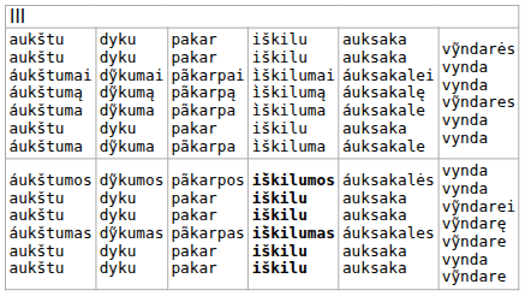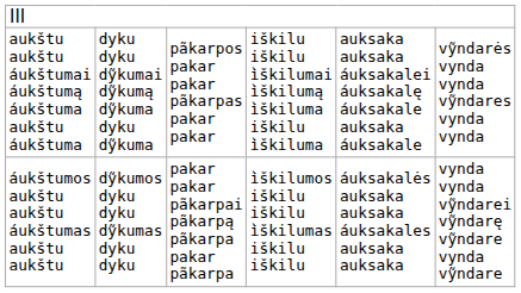 <table class=wikitable style="font-family: monospace; background:#FFFFFF">
 <tr style="font-family: sans-serif; line-height: 0.7em">
 <td colspan=6>III</td>
 </tr>
 <tr>
 <td>aukštu<br>aukštu<br>áukštumai<br>áukštumą<br>áukštuma<br>aukštu<br>áukštuma</td>
 <td>dyku<br>dyku<br>dỹkumai<br>dỹkumą<br>dỹkuma<br>dyku<br>dỹkuma</td>
-<td>pakar<br>pakar<br>pãkarpai<br>pãkarpą<br>pãkarpa<br>pakar<br>pãkarpa</td>
+<td>pãkarpos<br>pakar<br>pakar<br>pãkarpas<br>pakar<br>pakar</td>
 <td>iškilu<br>iškilu<br>i̇̀škilumai<br>i̇̀škilumą<br>i̇̀škiluma<br>iškilu<br>i̇̀škiluma</td>
 <td>auksaka<br>auksaka<br>áuksakalei<br>áuksakalę<br>áuksakale<br>auksaka<br>áuksakale</td>
 <td>vỹndarės<br>vynda<br>vynda<br>vỹndares<br>vynda<br>vynda</td>
 </tr>
 <tr>
 <td>áukštumos<br>aukštu<br>aukštu<br>áukštumas<br>aukštu<br>aukštu</td>
 <td>dỹkumos<br>dyku<br>dyku<br>dỹkumas<br>dyku<br>dyku</td>
-<td>pãkarpos<br>pakar<br>pakar<br>pãkarpas<br>pakar<br>pakar</td>
-<td><strong>i̇̀škilumos<br>iškilu<br>iškilu<br>i̇̀škilumas<br>iškilu<br>iškilu</strong></td>
+<td>pakar<br>pakar<br>pãkarpai<br>pãkarpą<br>pãkarpa<br>pakar<br>pãkarpa</td>
+<td>i̇̀škilumos<br>iškilu<br>iškilu<br>i̇̀škilumas<br>iškilu<br>iškilu</td>
 <td>áuksakalės<br>auksaka<br>auksaka<br>áuksakales<br>auksaka<br>auksaka</td>
 <td>vynda<br>vynda<br>vỹndarei<br>vỹndarę<br>vỹndare<br>vynda<br>vỹndare</td>
 </tr>
 </table>
